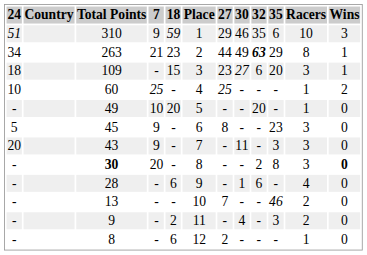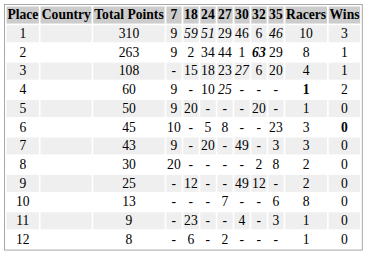 <table border="0" style="border: 1px solid #999; background-color:#FFFFFF; text-align:center">
 <tr align="center" bgcolor="#CCCCCC">
-<th>24</th>
+<th>Place</th>
 <th>Country</th>
 <th>Total Points</th>
 <th>7</th>
 <th>18</th>
-<th>Place</th>
+<th>24</th>
 <th>27</th>
 <th>30</th>
 <th>32</th>
 <th>35</th>
 <th>Racers</th>
 <th>Wins</th>
 </tr>
 <tr bgcolor="#EFEFEF">
-<td><em>51</em></td>
+<td>1</td>
 <td align="left"></td>
 <td>310</td>
 <td>9</td>
 <td><em>59</em></td>
-<td>1</td>
+<td><em>51</em></td>
 <td>29</td>
 <td>46</td>
-<td>35</td>
 <td>6</td>
+<td><em>46</em></td>
 <td>10</td>
 <td>3</td>
 </tr>
 <tr>
-<td>34</td>
+<td>2</td>
 <td align="left"></td>
 <td>263</td>
-<td>21</td>
-<td>23</td>
+<td>9</td>
 <td>2</td>
+<td>34</td>
 <td>44</td>
-<td>49</td>
+<td>1</td>
 <td><strong><em>63</em></strong></td>
 <td>29</td>
 <td>8</td>
 <td>1</td>
 </tr>
 <tr bgcolor="#EFEFEF">
-<td>18</td>
+<td>3</td>
 <td align="left"></td>
-<td>109</td>
+<td>108</td>
 <td>-</td>
 <td>15</td>
-<td>3</td>
+<td>18</td>
 <td>23</td>
 <td><em>27</em></td>
 <td>6</td>
 <td>20</td>
-<td>3</td>
+<td>4</td>
 <td>1</td>
 </tr>
 <tr>
-<td>10</td>
+<td>4</td>
 <td align="left"></td>
 <td>60</td>
-<td><em>25</em></td>
+<td>9</td>
 <td>-</td>
-<td>4</td>
+<td>10</td>
 <td><em>25</em></td>
 <td>-</td>
 <td>-</td>
 <td>-</td>
-<td>1</td>
+<td><strong>1</strong></td>
 <td>2</td>
 </tr>
 <tr bgcolor="#EFEFEF">
+<td>5</td>
+<td align="left"></td>
+<td>50</td>
+<td>9</td>
+<td>20</td>
 <td>-</td>
-<td align="left"></td>
-<td>49</td>
-<td>10</td>
-<td>20</td>
-<td>5</td>
 <td>-</td>
 <td>-</td>
 <td>20</td>
 <td>-</td>
 <td>1</td>
 <td>0</td>
 </tr>
 <tr>
-<td>5</td>
+<td>6</td>
 <td align="left"></td>
 <td>45</td>
-<td>9</td>
+<td>10</td>
 <td>-</td>
-<td>6</td>
+<td>5</td>
 <td>8</td>
 <td>-</td>
 <td>-</td>
 <td>23</td>
 <td>3</td>
-<td>0</td>
+<td><strong>0</strong></td>
 </tr>
 <tr bgcolor="#EFEFEF">
-<td>20</td>
+<td>7</td>
 <td align="left"></td>
 <td>43</td>
 <td>9</td>
 <td>-</td>
-<td>7</td>
+<td>20</td>
 <td>-</td>
-<td>11</td>
+<td>49</td>
 <td>-</td>
 <td>3</td>
 <td>3</td>
 <td>0</td>
 </tr>
 <tr>
-<td>-</td>
+<td>8</td>
 <td align="left"></td>
-<td><strong>30</strong></td>
+<td>30</td>
 <td>20</td>
 <td>-</td>
-<td>8</td>
+<td>-</td>
 <td>-</td>
 <td>-</td>
 <td>2</td>
 <td>8</td>
-<td>3</td>
-<td><strong>0</strong></td>
+<td>2</td>
+<td>0</td>
 </tr>
 <tr bgcolor="#EFEFEF">
+<td>9</td>
+<td align="left"></td>
+<td>25</td>
 <td>-</td>
-<td align="left"></td>
-<td>28</td>
+<td>12</td>
 <td>-</td>
-<td>6</td>
-<td>9</td>
 <td>-</td>
-<td>1</td>
-<td>6</td>
+<td>49</td>
+<td>12</td>
 <td>-</td>
-<td>4</td>
+<td>2</td>
 <td>0</td>
 </tr>
 <tr>
-<td>-</td>
+<td>10</td>
 <td align="left"></td>
 <td>13</td>
 <td>-</td>
 <td>-</td>
-<td>10</td>
+<td>-</td>
 <td>7</td>
 <td>-</td>
 <td>-</td>
-<td><em>46</em></td>
-<td>2</td>
+<td>6</td>
+<td>8</td>
 <td>0</td>
 </tr>
 <tr bgcolor="#EFEFEF">
-<td>-</td>
+<td>11</td>
 <td align="left"></td>
 <td>9</td>
 <td>-</td>
-<td>2</td>
-<td>11</td>
+<td>23</td>
+<td>-</td>
 <td>-</td>
 <td>4</td>
 <td>-</td>
 <td>3</td>
-<td>2</td>
+<td>1</td>
 <td>0</td>
 </tr>
 <tr>
-<td>-</td>
+<td>12</td>
 <td align="left"></td>
 <td>8</td>
 <td>-</td>
 <td>6</td>
-<td>12</td>
+<td>-</td>
 <td>2</td>
 <td>-</td>
 <td>-</td>
 <td>-</td>
 <td>1</td>
 <td>0</td>
 </tr>
 </table>
